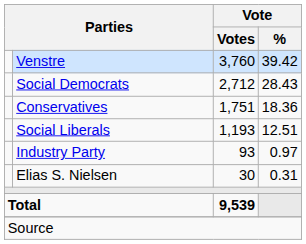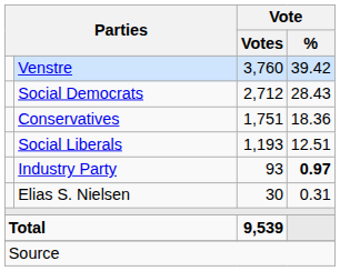 <table class="wikitable" style="text-align:right;">
 <tr>
 <th style="text-align:centre;" rowspan="2" colspan="2" width="225">Parties</th>
 <th colspan="3">Vote</th>
 </tr>
 <tr>
 <th width="15">Votes</th>
 <th width="15">%</th>
 </tr>
 <tr>
 <td width="2" style="color:inherit;background:"></td>
 <td bgcolor=#cfe5fe  align="left"><a href='#'>Venstre</a></td>
 <td bgcolor=#cfe5fe>3,760</td>
 <td bgcolor=#cfe5fe>39.42</td>
 </tr>
 <tr>
 <td width="2" style="color:inherit;background:"></td>
 <td align="left"><a href='#'>Social Democrats</a></td>
 <td>2,712</td>
 <td>28.43</td>
 </tr>
 <tr>
 <td width="2" style="color:inherit;background:"></td>
 <td align="left"><a href='#'>Conservatives</a></td>
 <td>1,751</td>
 <td>18.36</td>
 </tr>
 <tr>
 <td width="2" style="color:inherit;background:"></td>
 <td align="left"><a href='#'>Social Liberals</a></td>
 <td>1,193</td>
 <td>12.51</td>
 </tr>
 <tr>
 <td width="2" style="color:inherit;background:"></td>
 <td align="left"><a href='#'>Industry Party</a></td>
 <td>93</td>
-<td>0.97</td>
+<td><strong>0.97</strong></td>
 </tr>
 <tr>
 <td width="2" style="color:inherit;background:"></td>
 <td align="left">Elias S. Nielsen</td>
 <td>30</td>
 <td>0.31</td>
 </tr>
 <tr>
 <td colspan="7" bgcolor="#E9E9E9"></td>
 </tr>
 <tr>
 <td align="left" colspan="2"><strong>Total</strong></td>
 <td><strong>9,539</strong></td>
 <td bgcolor="#E9E9E9" colspan="2"></td>
 </tr>
 <tr>
 </tr>
 <tr>
 <td align="left" colspan="6">Source</td>
 </tr>
 </table>
